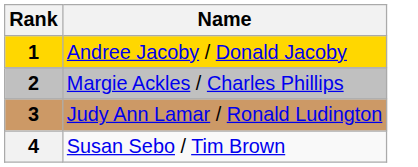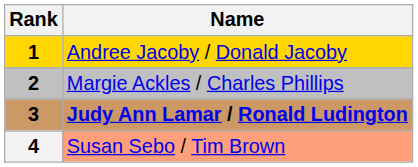 <table class="wikitable">
 <tr>
 <th>Rank</th>
 <th>Name</th>
 </tr>
 <tr bgcolor="gold">
 <td align="center"><strong>1</strong></td>
 <td><a href='#'>Andree Jacoby</a> / <a href='#'>Donald Jacoby</a></td>
 </tr>
 <tr bgcolor="silver">
 <td align="center"><strong>2</strong></td>
 <td><a href='#'>Margie Ackles</a> / <a href='#'>Charles Phillips</a></td>
 </tr>
 <tr bgcolor="cc9966">
 <td align="center"><strong>3</strong></td>
-<td><a href='#'>Judy Ann Lamar</a> / <a href='#'>Ronald Ludington</a></td>
+<td><strong><a href='#'>Judy Ann Lamar</a> / <a href='#'>Ronald Ludington</a></strong></td>
 </tr>
 <tr>
 <th>4</th>
-<td><a href='#'>Susan Sebo</a> / <a href='#'>Tim Brown</a></td>
+<td style="background: lightsalmon;"><a href='#'>Susan Sebo</a> / <a href='#'>Tim Brown</a></td>
 </tr>
 </table>
